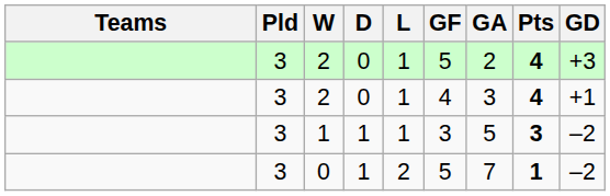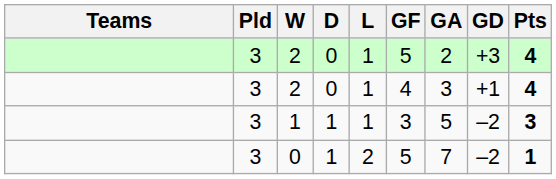 <table class="wikitable" style="text-align: center;">
 <tr>
 <th width=165>Teams</th>
 <th width=20>Pld</th>
 <th width=20>W</th>
 <th width=20>D</th>
 <th width=20>L</th>
 <th width=20>GF</th>
 <th width=20>GA</th>
+<th width=20>GD</th>
 <th width=20>Pts</th>
-<th width=20>GD</th>
 </tr>
 <tr align=center style="background:#ccffcc;">
 <td style="text-align:left;"></td>
 <td>3</td>
 <td>2</td>
 <td>0</td>
 <td>1</td>
 <td>5</td>
 <td>2</td>
+<td>+3</td>
 <td><strong>4</strong></td>
-<td>+3</td>
 </tr>
 <tr>
 <td style="text-align:left;"></td>
 <td>3</td>
 <td>2</td>
 <td>0</td>
 <td>1</td>
 <td>4</td>
 <td>3</td>
+<td>+1</td>
 <td><strong>4</strong></td>
-<td>+1</td>
 </tr>
 <tr align=center>
 <td style="text-align:left;"></td>
 <td>3</td>
 <td>1</td>
 <td>1</td>
 <td>1</td>
 <td>3</td>
 <td>5</td>
+<td>–2</td>
 <td><strong>3</strong></td>
-<td>–2</td>
 </tr>
 <tr align=center>
 <td style="text-align:left;"></td>
 <td>3</td>
 <td>0</td>
 <td>1</td>
 <td>2</td>
 <td>5</td>
 <td>7</td>
+<td>–2</td>
 <td><strong>1</strong></td>
-<td>–2</td>
 </tr>
 </table>
